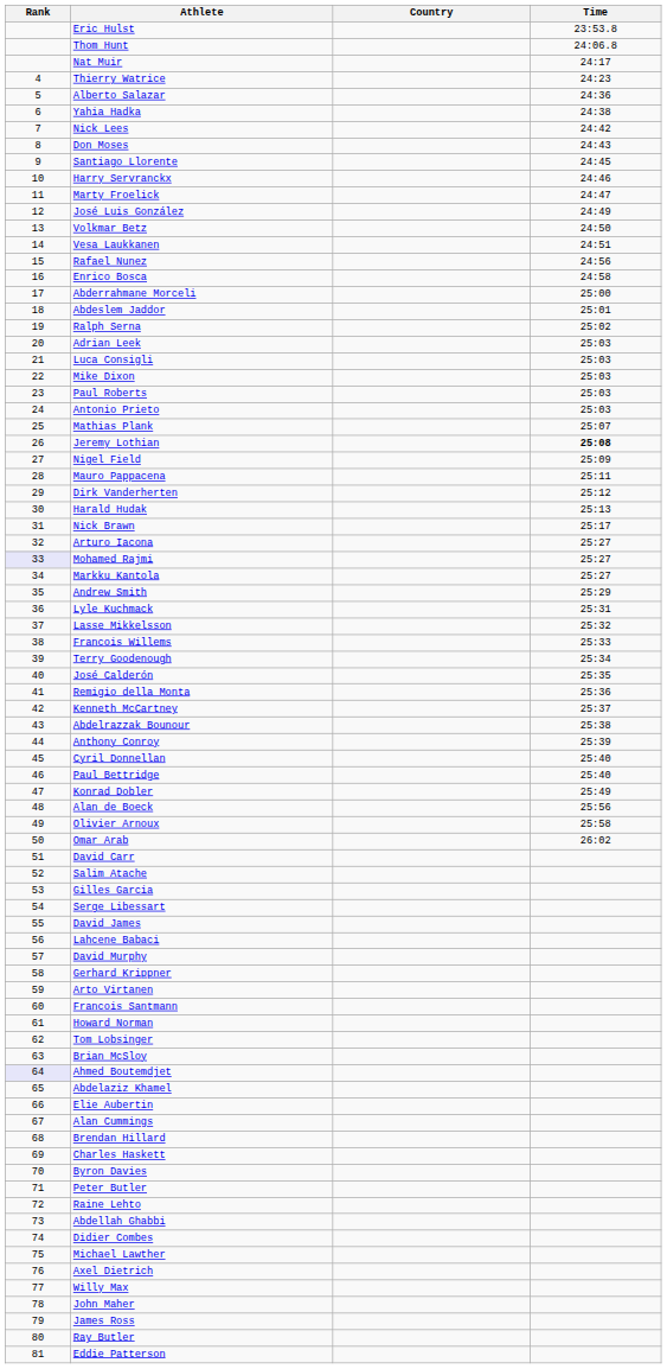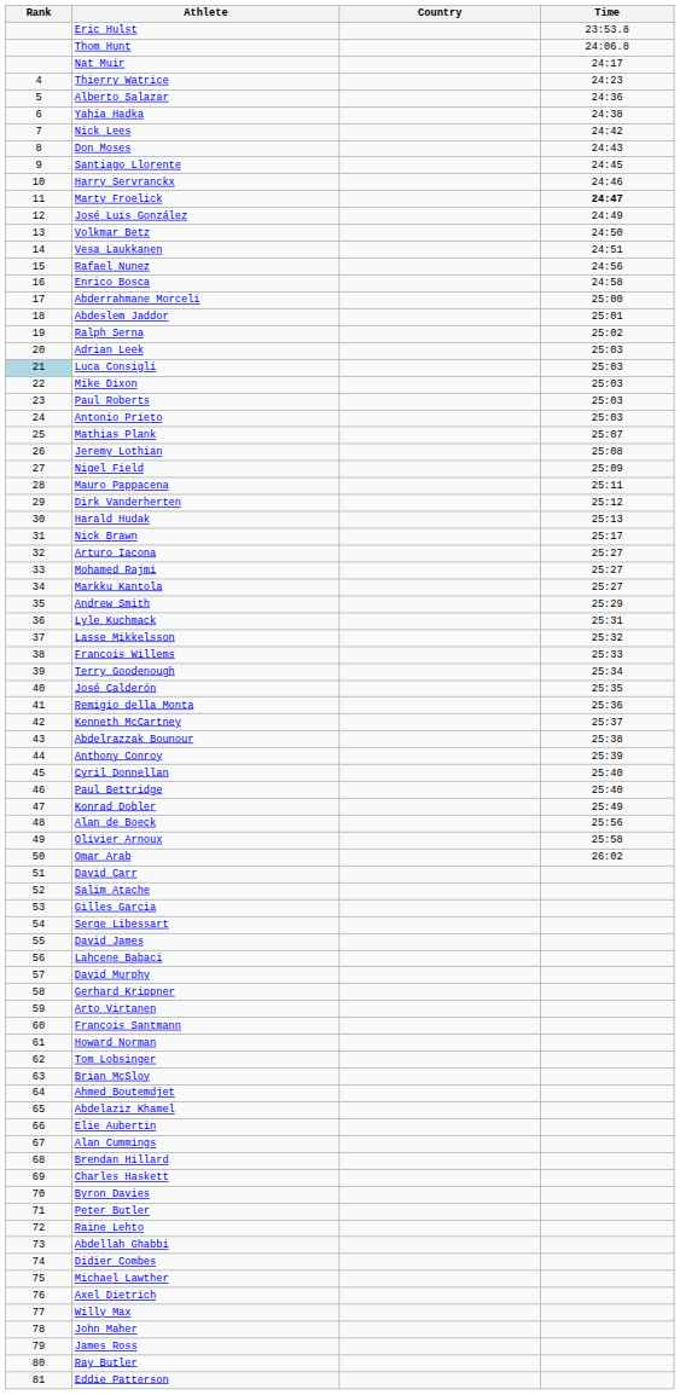 <table class="wikitable sortable" style=" text-align:center; font-size:95%;" width="50%">
 <tr>
 <th width=5%>Rank</th>
 <th width=20%>Athlete</th>
 <th width=15%>Country</th>
 <th width=10%>Time</th>
 </tr>
 <tr>
 <td align=center></td>
 <td align=left><a href='#'>Eric Hulst</a></td>
 <td align=left></td>
 <td>23:53.8</td>
 </tr>
 <tr>
 <td align=center></td>
 <td align=left><a href='#'>Thom Hunt</a></td>
 <td align=left></td>
 <td>24:06.8</td>
 </tr>
 <tr>
 <td align=center></td>
 <td align=left><a href='#'>Nat Muir</a></td>
 <td align=left></td>
 <td>24:17</td>
 </tr>
 <tr>
 <td align=center>4</td>
 <td align=left><a href='#'>Thierry Watrice</a></td>
 <td align=left></td>
 <td>24:23</td>
 </tr>
 <tr>
 <td align=center>5</td>
 <td align=left><a href='#'>Alberto Salazar</a></td>
 <td align=left></td>
 <td>24:36</td>
 </tr>
 <tr>
 <td align=center>6</td>
 <td align=left><a href='#'>Yahia Hadka</a></td>
 <td align=left></td>
 <td>24:38</td>
 </tr>
 <tr>
 <td align=center>7</td>
 <td align=left><a href='#'>Nick Lees</a></td>
 <td align=left></td>
 <td>24:42</td>
 </tr>
 <tr>
 <td align=center>8</td>
 <td align=left><a href='#'>Don Moses</a></td>
 <td align=left></td>
 <td>24:43</td>
 </tr>
 <tr>
 <td align=center>9</td>
 <td align=left><a href='#'>Santiago Llorente</a></td>
 <td align=left></td>
 <td>24:45</td>
 </tr>
 <tr>
 <td align=center>10</td>
 <td align=left><a href='#'>Harry Servranckx</a></td>
 <td align=left></td>
 <td>24:46</td>
 </tr>
 <tr>
 <td align=center>11</td>
 <td align=left><a href='#'>Marty Froelick</a></td>
 <td align=left></td>
-<td>24:47</td>
+<td><strong>24:47</strong></td>
 </tr>
 <tr>
 <td align=center>12</td>
 <td align=left><a href='#'>José Luis González</a></td>
 <td align=left></td>
 <td>24:49</td>
 </tr>
 <tr>
 <td align=center>13</td>
 <td align=left><a href='#'>Volkmar Betz</a></td>
 <td align=left></td>
 <td>24:50</td>
 </tr>
 <tr>
 <td align=center>14</td>
 <td align=left><a href='#'>Vesa Laukkanen</a></td>
 <td align=left></td>
 <td>24:51</td>
 </tr>
 <tr>
 <td align=center>15</td>
 <td align=left><a href='#'>Rafael Nunez</a></td>
 <td align=left></td>
 <td>24:56</td>
 </tr>
 <tr>
 <td align=center>16</td>
 <td align=left><a href='#'>Enrico Bosca</a></td>
 <td align=left></td>
 <td>24:58</td>
 </tr>
 <tr>
 <td align=center>17</td>
 <td align=left><a href='#'>Abderrahmane Morceli</a></td>
 <td align=left></td>
 <td>25:00</td>
 </tr>
 <tr>
 <td align=center>18</td>
 <td align=left><a href='#'>Abdeslem Jaddor</a></td>
 <td align=left></td>
 <td>25:01</td>
 </tr>
 <tr>
 <td align=center>19</td>
 <td align=left><a href='#'>Ralph Serna</a></td>
 <td align=left></td>
 <td>25:02</td>
 </tr>
 <tr>
 <td align=center>20</td>
 <td align=left><a href='#'>Adrian Leek</a></td>
 <td align=left></td>
 <td>25:03</td>
 </tr>
 <tr>
-<td align=center>21</td>
+<td align=center style="background: lightblue;">21</td>
 <td align=left><a href='#'>Luca Consigli</a></td>
 <td align=left></td>
 <td>25:03</td>
 </tr>
 <tr>
 <td align=center>22</td>
 <td align=left><a href='#'>Mike Dixon</a></td>
 <td align=left></td>
 <td>25:03</td>
 </tr>
 <tr>
 <td align=center>23</td>
 <td align=left><a href='#'>Paul Roberts</a></td>
 <td align=left></td>
 <td>25:03</td>
 </tr>
 <tr>
 <td align=center>24</td>
 <td align=left><a href='#'>Antonio Prieto</a></td>
 <td align=left></td>
 <td>25:03</td>
 </tr>
 <tr>
 <td align=center>25</td>
 <td align=left><a href='#'>Mathias Plank</a></td>
 <td align=left></td>
 <td>25:07</td>
 </tr>
 <tr>
 <td align=center>26</td>
 <td align=left><a href='#'>Jeremy Lothian</a></td>
 <td align=left></td>
-<td><strong>25:08</strong></td>
+<td>25:08</td>
 </tr>
 <tr>
 <td align=center>27</td>
 <td align=left><a href='#'>Nigel Field</a></td>
 <td align=left></td>
 <td>25:09</td>
 </tr>
 <tr>
 <td align=center>28</td>
 <td align=left><a href='#'>Mauro Pappacena</a></td>
 <td align=left></td>
 <td>25:11</td>
 </tr>
 <tr>
 <td align=center>29</td>
 <td align=left><a href='#'>Dirk Vanderherten</a></td>
 <td align=left></td>
 <td>25:12</td>
 </tr>
 <tr>
 <td align=center>30</td>
 <td align=left><a href='#'>Harald Hudak</a></td>
 <td align=left></td>
 <td>25:13</td>
 </tr>
 <tr>
 <td align=center>31</td>
 <td align=left><a href='#'>Nick Brawn</a></td>
 <td align=left></td>
 <td>25:17</td>
 </tr>
 <tr>
 <td align=center>32</td>
 <td align=left><a href='#'>Arturo Iacona</a></td>
 <td align=left></td>
 <td>25:27</td>
 </tr>
 <tr>
-<td align=center style="background: lavender;">33</td>
+<td align=center>33</td>
 <td align=left><a href='#'>Mohamed Rajmi</a></td>
 <td align=left></td>
 <td>25:27</td>
 </tr>
 <tr>
 <td align=center>34</td>
 <td align=left><a href='#'>Markku Kantola</a></td>
 <td align=left></td>
 <td>25:27</td>
 </tr>
 <tr>
 <td align=center>35</td>
 <td align=left><a href='#'>Andrew Smith</a></td>
 <td align=left></td>
 <td>25:29</td>
 </tr>
 <tr>
 <td align=center>36</td>
 <td align=left><a href='#'>Lyle Kuchmack</a></td>
 <td align=left></td>
 <td>25:31</td>
 </tr>
 <tr>
 <td align=center>37</td>
 <td align=left><a href='#'>Lasse Mikkelsson</a></td>
 <td align=left></td>
 <td>25:32</td>
 </tr>
 <tr>
 <td align=center>38</td>
 <td align=left><a href='#'>Francois Willems</a></td>
 <td align=left></td>
 <td>25:33</td>
 </tr>
 <tr>
 <td align=center>39</td>
 <td align=left><a href='#'>Terry Goodenough</a></td>
 <td align=left></td>
 <td>25:34</td>
 </tr>
 <tr>
 <td align=center>40</td>
 <td align=left><a href='#'>José Calderón</a></td>
 <td align=left></td>
 <td>25:35</td>
 </tr>
 <tr>
 <td align=center>41</td>
 <td align=left><a href='#'>Remigio della Monta</a></td>
 <td align=left></td>
 <td>25:36</td>
 </tr>
 <tr>
 <td align=center>42</td>
 <td align=left><a href='#'>Kenneth McCartney</a></td>
 <td align=left></td>
 <td>25:37</td>
 </tr>
 <tr>
 <td align=center>43</td>
 <td align=left><a href='#'>Abdelrazzak Bounour</a></td>
 <td align=left></td>
 <td>25:38</td>
 </tr>
 <tr>
 <td align=center>44</td>
 <td align=left><a href='#'>Anthony Conroy</a></td>
 <td align=left></td>
 <td>25:39</td>
 </tr>
 <tr>
 <td align=center>45</td>
 <td align=left><a href='#'>Cyril Donnellan</a></td>
 <td align=left></td>
 <td>25:40</td>
 </tr>
 <tr>
 <td align=center>46</td>
 <td align=left><a href='#'>Paul Bettridge</a></td>
 <td align=left></td>
 <td>25:40</td>
 </tr>
 <tr>
 <td align=center>47</td>
 <td align=left><a href='#'>Konrad Dobler</a></td>
 <td align=left></td>
 <td>25:49</td>
 </tr>
 <tr>
 <td align=center>48</td>
 <td align=left><a href='#'>Alan de Boeck</a></td>
 <td align=left></td>
 <td>25:56</td>
 </tr>
 <tr>
 <td align=center>49</td>
 <td align=left><a href='#'>Olivier Arnoux</a></td>
 <td align=left></td>
 <td>25:58</td>
 </tr>
 <tr>
 <td align=center>50</td>
 <td align=left><a href='#'>Omar Arab</a></td>
 <td align=left></td>
 <td>26:02</td>
 </tr>
 <tr>
 <td align=center>51</td>
 <td align=left><a href='#'>David Carr</a></td>
 <td align=left></td>
 <td></td>
 </tr>
 <tr>
 <td align=center>52</td>
 <td align=left><a href='#'>Salim Atache</a></td>
 <td align=left></td>
 <td></td>
 </tr>
 <tr>
 <td align=center>53</td>
 <td align=left><a href='#'>Gilles Garcia</a></td>
 <td align=left></td>
 <td></td>
 </tr>
 <tr>
 <td align=center>54</td>
 <td align=left><a href='#'>Serge Libessart</a></td>
 <td align=left></td>
 <td></td>
 </tr>
 <tr>
 <td align=center>55</td>
 <td align=left><a href='#'>David James</a></td>
 <td align=left></td>
 <td></td>
 </tr>
 <tr>
 <td align=center>56</td>
 <td align=left><a href='#'>Lahcene Babaci</a></td>
 <td align=left></td>
 <td></td>
 </tr>
 <tr>
 <td align=center>57</td>
 <td align=left><a href='#'>David Murphy</a></td>
 <td align=left></td>
 <td></td>
 </tr>
 <tr>
 <td align=center>58</td>
 <td align=left><a href='#'>Gerhard Krippner</a></td>
 <td align=left></td>
 <td></td>
 </tr>
 <tr>
 <td align=center>59</td>
 <td align=left><a href='#'>Arto Virtanen</a></td>
 <td align=left></td>
 <td></td>
 </tr>
 <tr>
 <td align=center>60</td>
 <td align=left><a href='#'>Francois Santmann</a></td>
 <td align=left></td>
 <td></td>
 </tr>
 <tr>
 <td align=center>61</td>
 <td align=left><a href='#'>Howard Norman</a></td>
 <td align=left></td>
 <td></td>
 </tr>
 <tr>
 <td align=center>62</td>
 <td align=left><a href='#'>Tom Lobsinger</a></td>
 <td align=left></td>
 <td></td>
 </tr>
 <tr>
 <td align=center>63</td>
 <td align=left><a href='#'>Brian McSloy</a></td>
 <td align=left></td>
 <td></td>
 </tr>
 <tr>
-<td align=center style="background: lavender;">64</td>
+<td align=center>64</td>
 <td align=left><a href='#'>Ahmed Boutemdjet</a></td>
 <td align=left></td>
 <td></td>
 </tr>
 <tr>
 <td align=center>65</td>
 <td align=left><a href='#'>Abdelaziz Khamel</a></td>
 <td align=left></td>
 <td></td>
 </tr>
 <tr>
 <td align=center>66</td>
 <td align=left><a href='#'>Elie Aubertin</a></td>
 <td align=left></td>
 <td></td>
 </tr>
 <tr>
 <td align=center>67</td>
 <td align=left><a href='#'>Alan Cummings</a></td>
 <td align=left></td>
 <td></td>
 </tr>
 <tr>
 <td align=center>68</td>
 <td align=left><a href='#'>Brendan Hillard</a></td>
 <td align=left></td>
 <td></td>
 </tr>
 <tr>
 <td align=center>69</td>
 <td align=left><a href='#'>Charles Haskett</a></td>
 <td align=left></td>
 <td></td>
 </tr>
 <tr>
 <td align=center>70</td>
 <td align=left><a href='#'>Byron Davies</a></td>
 <td align=left></td>
 <td></td>
 </tr>
 <tr>
 <td align=center>71</td>
 <td align=left><a href='#'>Peter Butler</a></td>
 <td align=left></td>
 <td></td>
 </tr>
 <tr>
 <td align=center>72</td>
 <td align=left><a href='#'>Raine Lehto</a></td>
 <td align=left></td>
 <td></td>
 </tr>
 <tr>
 <td align=center>73</td>
 <td align=left><a href='#'>Abdellah Ghabbi</a></td>
 <td align=left></td>
 <td></td>
 </tr>
 <tr>
 <td align=center>74</td>
 <td align=left><a href='#'>Didier Combes</a></td>
 <td align=left></td>
 <td></td>
 </tr>
 <tr>
 <td align=center>75</td>
 <td align=left><a href='#'>Michael Lawther</a></td>
 <td align=left></td>
 <td></td>
 </tr>
 <tr>
 <td align=center>76</td>
 <td align=left><a href='#'>Axel Dietrich</a></td>
 <td align=left></td>
 <td></td>
 </tr>
 <tr>
 <td align=center>77</td>
 <td align=left><a href='#'>Willy Max</a></td>
 <td align=left></td>
 <td></td>
 </tr>
 <tr>
 <td align=center>78</td>
 <td align=left><a href='#'>John Maher</a></td>
 <td align=left></td>
 <td></td>
 </tr>
 <tr>
 <td align=center>79</td>
 <td align=left><a href='#'>James Ross</a></td>
 <td align=left></td>
 <td></td>
 </tr>
 <tr>
 <td align=center>80</td>
 <td align=left><a href='#'>Ray Butler</a></td>
 <td align=left></td>
 <td></td>
 </tr>
 <tr>
 <td align=center>81</td>
 <td align=left><a href='#'>Eddie Patterson</a></td>
 <td align=left></td>
 <td></td>
 </tr>
 </table>
